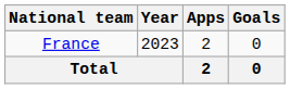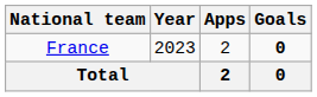 <table class="wikitable" style="text-align: center;">
 <tr>
 <th>National team</th>
 <th>Year</th>
 <th>Apps</th>
 <th>Goals</th>
 </tr>
 <tr>
 <td><a href='#'>France</a></td>
 <td>2023</td>
 <td>2</td>
-<td>0</td>
+<td><strong>0</strong></td>
 </tr>
 <tr>
 <th colspan="2">Total</th>
 <th>2</th>
 <th>0</th>
 </tr>
 </table>
